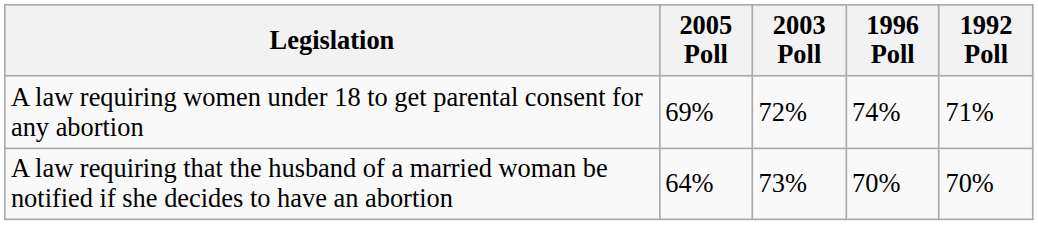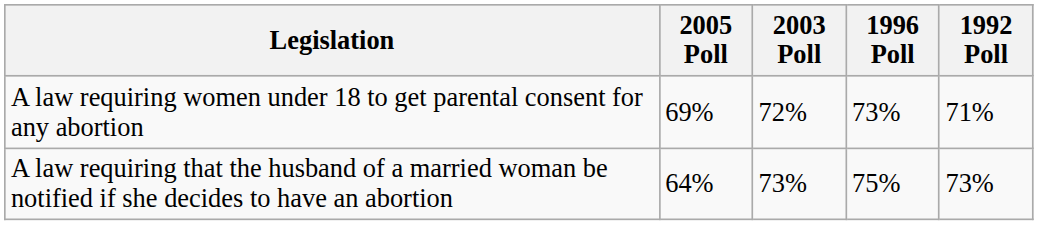 <table class="wikitable" style="margin:1em auto;">
 <tr>
 <th>Legislation</th>
 <th>2005 Poll</th>
 <th>2003 Poll</th>
 <th>1996 Poll</th>
 <th>1992 Poll</th>
 </tr>
 <tr>
 <td>A law requiring women under 18 to get parental consent for any abortion</td>
 <td>69%</td>
 <td>72%</td>
-<td>74%</td>
+<td>73%</td>
 <td>71%</td>
 </tr>
 <tr>
 <td>A law requiring that the husband of a married woman be notified if she decides to have an abortion</td>
 <td>64%</td>
 <td>73%</td>
-<td>70%</td>
-<td>70%</td>
+<td>75%</td>
+<td>73%</td>
 </tr>
 </table>
